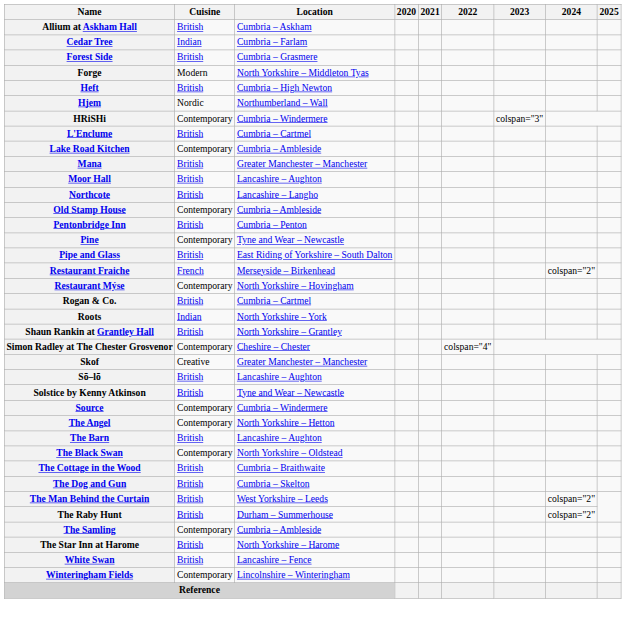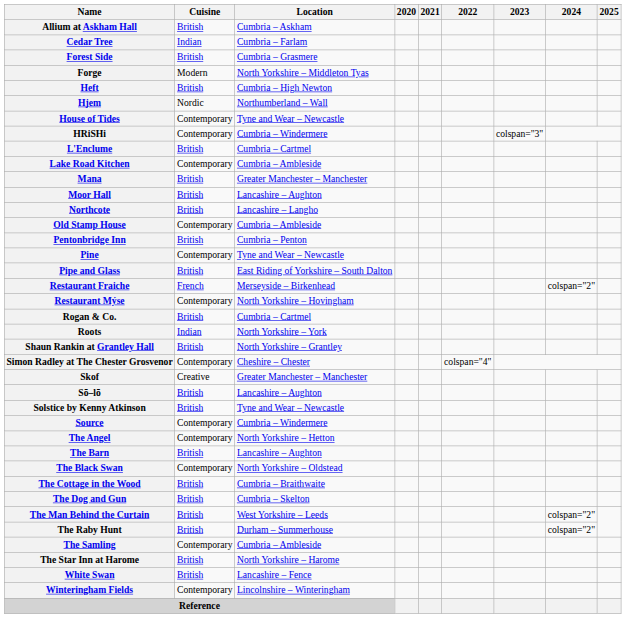 <table class="wikitable sortable plainrowheaders">
 <tr>
 <th scope="col">Name</th>
 <th scope="col">Cuisine</th>
 <th scope="col">Location</th>
 <th scope="col">2020</th>
 <th scope="col">2021</th>
 <th scope="col">2022</th>
 <th scope="col">2023</th>
 <th scope="col">2024</th>
 <th scope="col">2025</th>
 </tr>
 <tr>
 <th scope="row">Allium at <a href='#'>Askham Hall</a></th>
 <td><a href='#'>British</a></td>
 <td><a href='#'>Cumbria – Askham</a></td>
 <td></td>
 <td></td>
 <td></td>
 <td></td>
 <td></td>
 <td></td>
 </tr>
 <tr>
 <th scope="row"><a href='#'>Cedar Tree</a></th>
 <td><a href='#'>Indian</a></td>
 <td><a href='#'>Cumbria – Farlam</a></td>
 <td></td>
 <td></td>
 <td></td>
 <td></td>
 <td></td>
 <td></td>
 </tr>
 <tr>
 <th scope="row"><a href='#'>Forest Side</a></th>
 <td><a href='#'>British</a></td>
 <td><a href='#'>Cumbria – Grasmere</a></td>
 <td></td>
 <td></td>
 <td></td>
 <td></td>
 <td></td>
 <td></td>
 </tr>
 <tr>
 <th scope="row">Forge</th>
 <td>Modern</td>
 <td><a href='#'>North Yorkshire – Middleton Tyas</a></td>
 <td></td>
 <td></td>
 <td></td>
 <td></td>
 <td></td>
 <td></td>
 </tr>
 <tr>
 <th scope="row"><a href='#'>Heft</a></th>
 <td><a href='#'>British</a></td>
 <td><a href='#'>Cumbria – High Newton</a></td>
 <td></td>
 <td></td>
 <td></td>
 <td></td>
 <td></td>
 <td></td>
 </tr>
 <tr>
 <th scope="row"><a href='#'>Hjem</a></th>
 <td>Nordic</td>
 <td><a href='#'>Northumberland – Wall</a></td>
+<td></td>
+<td></td>
+<td></td>
+<td></td>
+<td></td>
+<td></td>
+</tr>
+<tr>
+<th scope="row"><a href='#'>House of Tides</a></th>
+<td>Contemporary</td>
+<td><a href='#'>Tyne and Wear – Newcastle</a></td>
 <td></td>
 <td></td>
 <td></td>
 <td></td>
 <td></td>
 <td></td>
 </tr>
 <tr>
 <th scope="row">HRiSHi</th>
 <td>Contemporary</td>
 <td><a href='#'>Cumbria – Windermere</a></td>
 <td></td>
 <td></td>
 <td></td>
 <td>colspan="3" </td>
 </tr>
 <tr>
 <th scope="row"><a href='#'>L'Enclume</a></th>
 <td><a href='#'>British</a></td>
 <td><a href='#'>Cumbria – Cartmel</a></td>
 <td></td>
 <td></td>
 <td></td>
 <td></td>
 <td></td>
 <td></td>
 </tr>
 <tr>
 <th scope="row"><a href='#'>Lake Road Kitchen</a></th>
 <td>Contemporary</td>
 <td><a href='#'>Cumbria – Ambleside</a></td>
 <td></td>
 <td></td>
 <td></td>
 <td></td>
 <td></td>
 <td></td>
 </tr>
 <tr>
 <th scope="row"><a href='#'>Mana</a></th>
 <td><a href='#'>British</a></td>
 <td><a href='#'>Greater Manchester – Manchester</a></td>
 <td></td>
 <td></td>
 <td></td>
 <td></td>
 <td></td>
 <td></td>
 </tr>
 <tr>
 <th scope="row"><a href='#'>Moor Hall</a></th>
 <td><a href='#'>British</a></td>
 <td><a href='#'>Lancashire – Aughton</a></td>
 <td></td>
 <td></td>
 <td></td>
 <td></td>
 <td></td>
 <td></td>
 </tr>
 <tr>
 <th scope="row"><a href='#'>Northcote</a></th>
 <td><a href='#'>British</a></td>
 <td><a href='#'>Lancashire – Langho</a></td>
 <td></td>
 <td></td>
 <td></td>
 <td></td>
 <td></td>
 <td></td>
 </tr>
 <tr>
 <th scope="row"><a href='#'>Old Stamp House</a></th>
 <td>Contemporary</td>
 <td><a href='#'>Cumbria – Ambleside</a></td>
 <td></td>
 <td></td>
 <td></td>
 <td></td>
 <td></td>
 <td></td>
 </tr>
 <tr>
 <th scope="row"><a href='#'>Pentonbridge Inn</a></th>
 <td><a href='#'>British</a></td>
 <td><a href='#'>Cumbria – Penton</a></td>
 <td></td>
 <td></td>
 <td></td>
 <td></td>
 <td></td>
 <td></td>
 </tr>
 <tr>
 <th scope="row"><a href='#'>Pine</a></th>
 <td>Contemporary</td>
 <td><a href='#'>Tyne and Wear – Newcastle</a></td>
 <td></td>
 <td></td>
 <td></td>
 <td></td>
 <td></td>
 <td></td>
 </tr>
 <tr>
 <th scope="row"><a href='#'>Pipe and Glass</a></th>
 <td><a href='#'>British</a></td>
 <td><a href='#'>East Riding of Yorkshire – South Dalton</a></td>
 <td></td>
 <td></td>
 <td></td>
 <td></td>
 <td></td>
 <td></td>
 </tr>
 <tr>
 <th scope="row"><a href='#'>Restaurant Fraiche</a></th>
 <td><a href='#'>French</a></td>
 <td><a href='#'>Merseyside – Birkenhead</a></td>
 <td></td>
 <td></td>
 <td></td>
 <td></td>
 <td>colspan="2" </td>
 </tr>
 <tr>
 <th scope="row"><a href='#'>Restaurant Mýse</a></th>
 <td>Contemporary</td>
 <td><a href='#'>North Yorkshire – Hovingham</a></td>
 <td></td>
 <td></td>
 <td></td>
 <td></td>
 <td></td>
 <td></td>
 </tr>
 <tr>
 <th scope="row">Rogan & Co.</th>
 <td><a href='#'>British</a></td>
 <td><a href='#'>Cumbria – Cartmel</a></td>
 <td></td>
 <td></td>
 <td></td>
 <td></td>
 <td></td>
 <td></td>
 </tr>
 <tr>
 <th scope="row">Roots</th>
 <td><a href='#'>Indian</a></td>
 <td><a href='#'>North Yorkshire – York</a></td>
 <td></td>
 <td></td>
 <td></td>
 <td></td>
 <td></td>
 <td></td>
 </tr>
 <tr>
 <th scope="row">Shaun Rankin at <a href='#'>Grantley Hall</a></th>
 <td><a href='#'>British</a></td>
 <td><a href='#'>North Yorkshire – Grantley</a></td>
 <td></td>
 <td></td>
 <td></td>
 <td></td>
 <td></td>
 <td></td>
 </tr>
 <tr>
 <th scope="row">Simon Radley at The Chester Grosvenor</th>
 <td>Contemporary</td>
 <td><a href='#'>Cheshire – Chester</a></td>
 <td></td>
 <td></td>
 <td>colspan="4" </td>
 </tr>
 <tr>
 <th scope="row">Skof</th>
 <td>Creative</td>
 <td><a href='#'>Greater Manchester – Manchester</a></td>
 <td></td>
 <td></td>
 <td></td>
 <td></td>
 <td></td>
 <td></td>
 </tr>
 <tr>
 <th scope="row">Sō–lō</th>
 <td><a href='#'>British</a></td>
 <td><a href='#'>Lancashire – Aughton</a></td>
 <td></td>
 <td></td>
 <td></td>
 <td></td>
 <td></td>
 <td></td>
 </tr>
 <tr>
 <th scope="row">Solstice by Kenny Atkinson</th>
 <td><a href='#'>British</a></td>
 <td><a href='#'>Tyne and Wear – Newcastle</a></td>
 <td></td>
 <td></td>
 <td></td>
 <td></td>
 <td></td>
 <td></td>
 </tr>
 <tr>
 <th scope="row"><a href='#'>Source</a></th>
 <td>Contemporary</td>
 <td><a href='#'>Cumbria – Windermere</a></td>
 <td></td>
 <td></td>
 <td></td>
 <td></td>
 <td></td>
 <td></td>
 </tr>
 <tr>
 <th scope="row"><a href='#'>The Angel</a></th>
 <td>Contemporary</td>
 <td><a href='#'>North Yorkshire – Hetton</a></td>
 <td></td>
 <td></td>
 <td></td>
 <td></td>
 <td></td>
 <td></td>
 </tr>
 <tr>
 <th scope="row"><a href='#'>The Barn</a></th>
 <td><a href='#'>British</a></td>
 <td><a href='#'>Lancashire – Aughton</a></td>
 <td></td>
 <td></td>
 <td></td>
 <td></td>
 <td></td>
 <td></td>
 </tr>
 <tr>
 <th scope="row"><a href='#'>The Black Swan</a></th>
 <td>Contemporary</td>
 <td><a href='#'>North Yorkshire – Oldstead</a></td>
 <td></td>
 <td></td>
 <td></td>
 <td></td>
 <td></td>
 <td></td>
 </tr>
 <tr>
 <th scope="row"><a href='#'>The Cottage in the Wood</a></th>
 <td><a href='#'>British</a></td>
 <td><a href='#'>Cumbria – Braithwaite</a></td>
 <td></td>
 <td></td>
 <td></td>
 <td></td>
 <td></td>
 <td></td>
 </tr>
 <tr>
 <th scope="row"><a href='#'>The Dog and Gun</a></th>
 <td><a href='#'>British</a></td>
 <td><a href='#'>Cumbria – Skelton</a></td>
 <td></td>
 <td></td>
 <td></td>
 <td></td>
 <td></td>
 <td></td>
 </tr>
 <tr>
 <th scope="row"><a href='#'>The Man Behind the Curtain</a></th>
 <td><a href='#'>British</a></td>
 <td><a href='#'>West Yorkshire – Leeds</a></td>
 <td></td>
 <td></td>
 <td></td>
 <td></td>
 <td>colspan="2" </td>
 </tr>
 <tr>
 <th scope="row">The Raby Hunt</th>
 <td><a href='#'>British</a></td>
 <td><a href='#'>Durham – Summerhouse</a></td>
 <td></td>
 <td></td>
 <td></td>
 <td></td>
 <td>colspan="2" </td>
 </tr>
 <tr>
 <th scope="row"><a href='#'>The Samling</a></th>
 <td>Contemporary</td>
 <td><a href='#'>Cumbria – Ambleside</a></td>
 <td></td>
 <td></td>
 <td></td>
 <td></td>
 <td></td>
 <td></td>
 </tr>
 <tr>
 <th scope="row">The Star Inn at Harome</th>
 <td><a href='#'>British</a></td>
 <td><a href='#'>North Yorkshire – Harome</a></td>
 <td></td>
 <td></td>
 <td></td>
 <td></td>
 <td></td>
 <td></td>
 </tr>
 <tr>
 <th scope="row"><a href='#'>White Swan</a></th>
 <td><a href='#'>British</a></td>
 <td><a href='#'>Lancashire – Fence</a></td>
 <td></td>
 <td></td>
 <td></td>
 <td></td>
 <td></td>
 <td></td>
 </tr>
 <tr>
 <th scope="row"><a href='#'>Winteringham Fields</a></th>
 <td>Contemporary</td>
 <td><a href='#'>Lincolnshire – Winteringham</a></td>
 <td></td>
 <td></td>
 <td></td>
 <td></td>
 <td></td>
 <td></td>
 </tr>
 <tr>
 <th colspan="3" style="text-align: center;background: lightgray;">Reference</th>
 <th></th>
 <th></th>
 <th></th>
 <th></th>
 <th></th>
 <th></th>
 </tr>
 </table>
